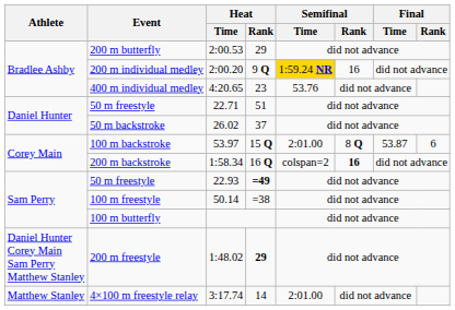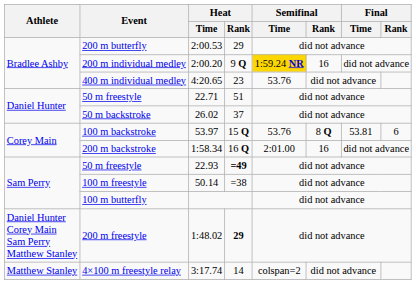 <table class=wikitable style="font-size:90%">
 <tr>
 <th rowspan="2">Athlete</th>
 <th rowspan="2">Event</th>
 <th colspan="2">Heat</th>
 <th colspan="2">Semifinal</th>
 <th colspan="2">Final</th>
 </tr>
 <tr style="font-size:95%">
 <th>Time</th>
 <th>Rank</th>
 <th>Time</th>
 <th>Rank</th>
 <th>Time</th>
 <th>Rank</th>
 </tr>
 <tr align=center>
 <td align=left rowspan=3><a href='#'>Bradlee Ashby</a></td>
 <td align=left><a href='#'>200 m butterfly</a></td>
 <td>2:00.53</td>
 <td>29</td>
 <td colspan=4>did not advance</td>
 </tr>
 <tr align=center>
 <td align=left><a href='#'>200 m individual medley</a></td>
 <td>2:00.20</td>
 <td>9 <strong>Q</strong></td>
 <td style="background: gold;">1:59.24 <strong><a href='#'>NR</a></strong></td>
 <td>16</td>
 <td colspan=2>did not advance</td>
 </tr>
 <tr align=center>
 <td align=left><a href='#'>400 m individual medley</a></td>
 <td>4:20.65</td>
 <td>23</td>
 <td>53.76</td>
 <td colspan=2>did not advance</td>
 </tr>
 <tr align=center>
 <td align=left rowspan=2><a href='#'>Daniel Hunter</a></td>
 <td align=left><a href='#'>50 m freestyle</a></td>
 <td>22.71</td>
 <td>51</td>
 <td colspan=4>did not advance</td>
 </tr>
 <tr align=center>
 <td align=left><a href='#'>50 m backstroke</a></td>
 <td>26.02</td>
 <td>37</td>
 <td colspan=4>did not advance</td>
 </tr>
 <tr align=center>
 <td align=left rowspan=2><a href='#'>Corey Main</a></td>
 <td align=left><a href='#'>100 m backstroke</a></td>
 <td>53.97</td>
 <td>15 <strong>Q</strong></td>
-<td>2:01.00</td>
+<td>53.76</td>
 <td>8 <strong>Q</strong></td>
-<td>53.87</td>
+<td>53.81</td>
 <td>6</td>
 </tr>
 <tr align=center>
 <td align=left><a href='#'>200 m backstroke</a></td>
 <td>1:58.34</td>
 <td>16 <strong>Q</strong></td>
-<td>colspan=2 </td>
-<td><strong>16</strong></td>
+<td>2:01.00</td>
+<td>16</td>
 <td colspan=2>did not advance</td>
 </tr>
 <tr align=center>
 <td align=left rowspan=3><a href='#'>Sam Perry</a></td>
 <td align=left><a href='#'>50 m freestyle</a></td>
 <td>22.93</td>
 <td><strong>=49</strong></td>
 <td colspan=4>did not advance</td>
 </tr>
 <tr align=center>
 <td align=left><a href='#'>100 m freestyle</a></td>
 <td>50.14</td>
 <td>=38</td>
 <td colspan=4>did not advance</td>
 </tr>
 <tr align=center>
 <td align=left><a href='#'>100 m butterfly</a></td>
 <td colspan=2></td>
 <td colspan=4>did not advance</td>
 </tr>
 <tr align=center>
 <td align=left><a href='#'>Daniel Hunter</a><br><a href='#'>Corey Main</a><br><a href='#'>Sam Perry</a><br><a href='#'>Matthew Stanley</a></td>
 <td align=left><a href='#'>200 m freestyle</a></td>
 <td>1:48.02</td>
 <td><strong>29</strong></td>
 <td colspan=4>did not advance</td>
 </tr>
 <tr align=center>
 <td align=left><a href='#'>Matthew Stanley</a></td>
 <td align=left><a href='#'>4×100 m freestyle relay</a></td>
 <td>3:17.74</td>
 <td>14</td>
-<td>2:01.00</td>
+<td>colspan=2 </td>
 <td colspan=2>did not advance</td>
 </tr>
 </table>
